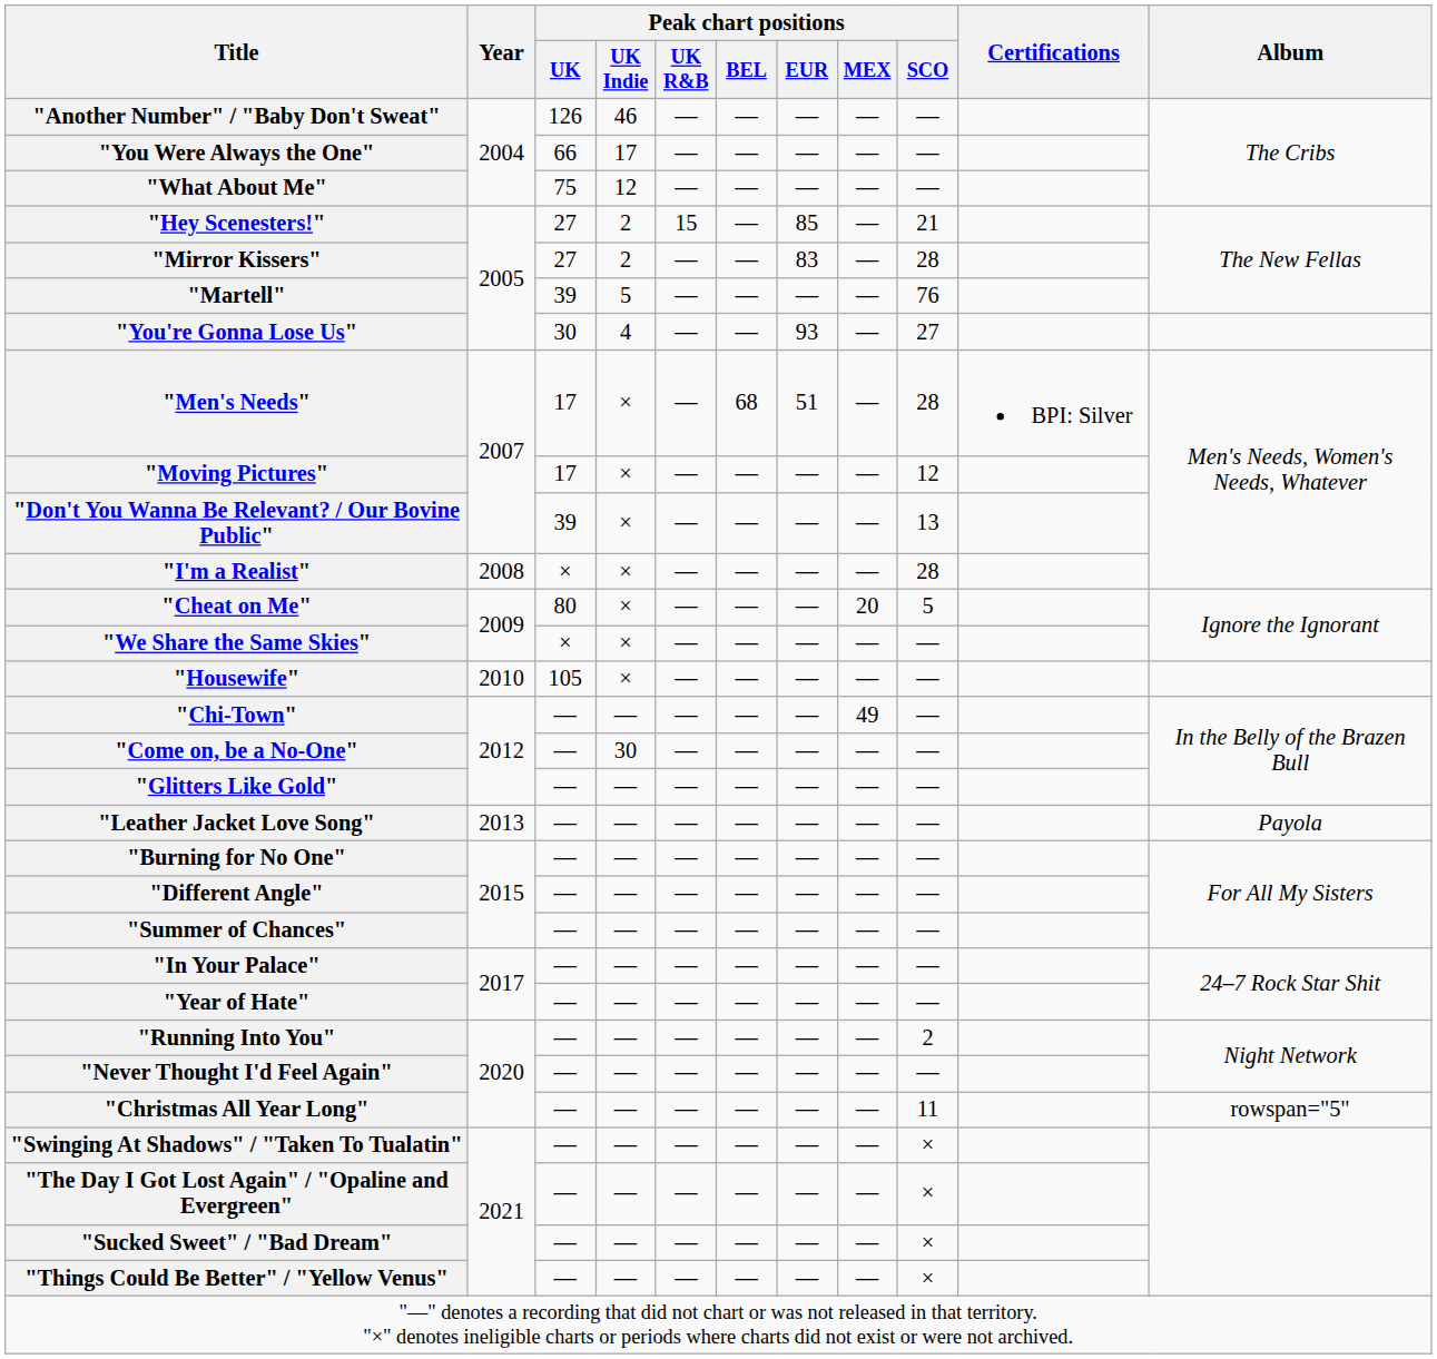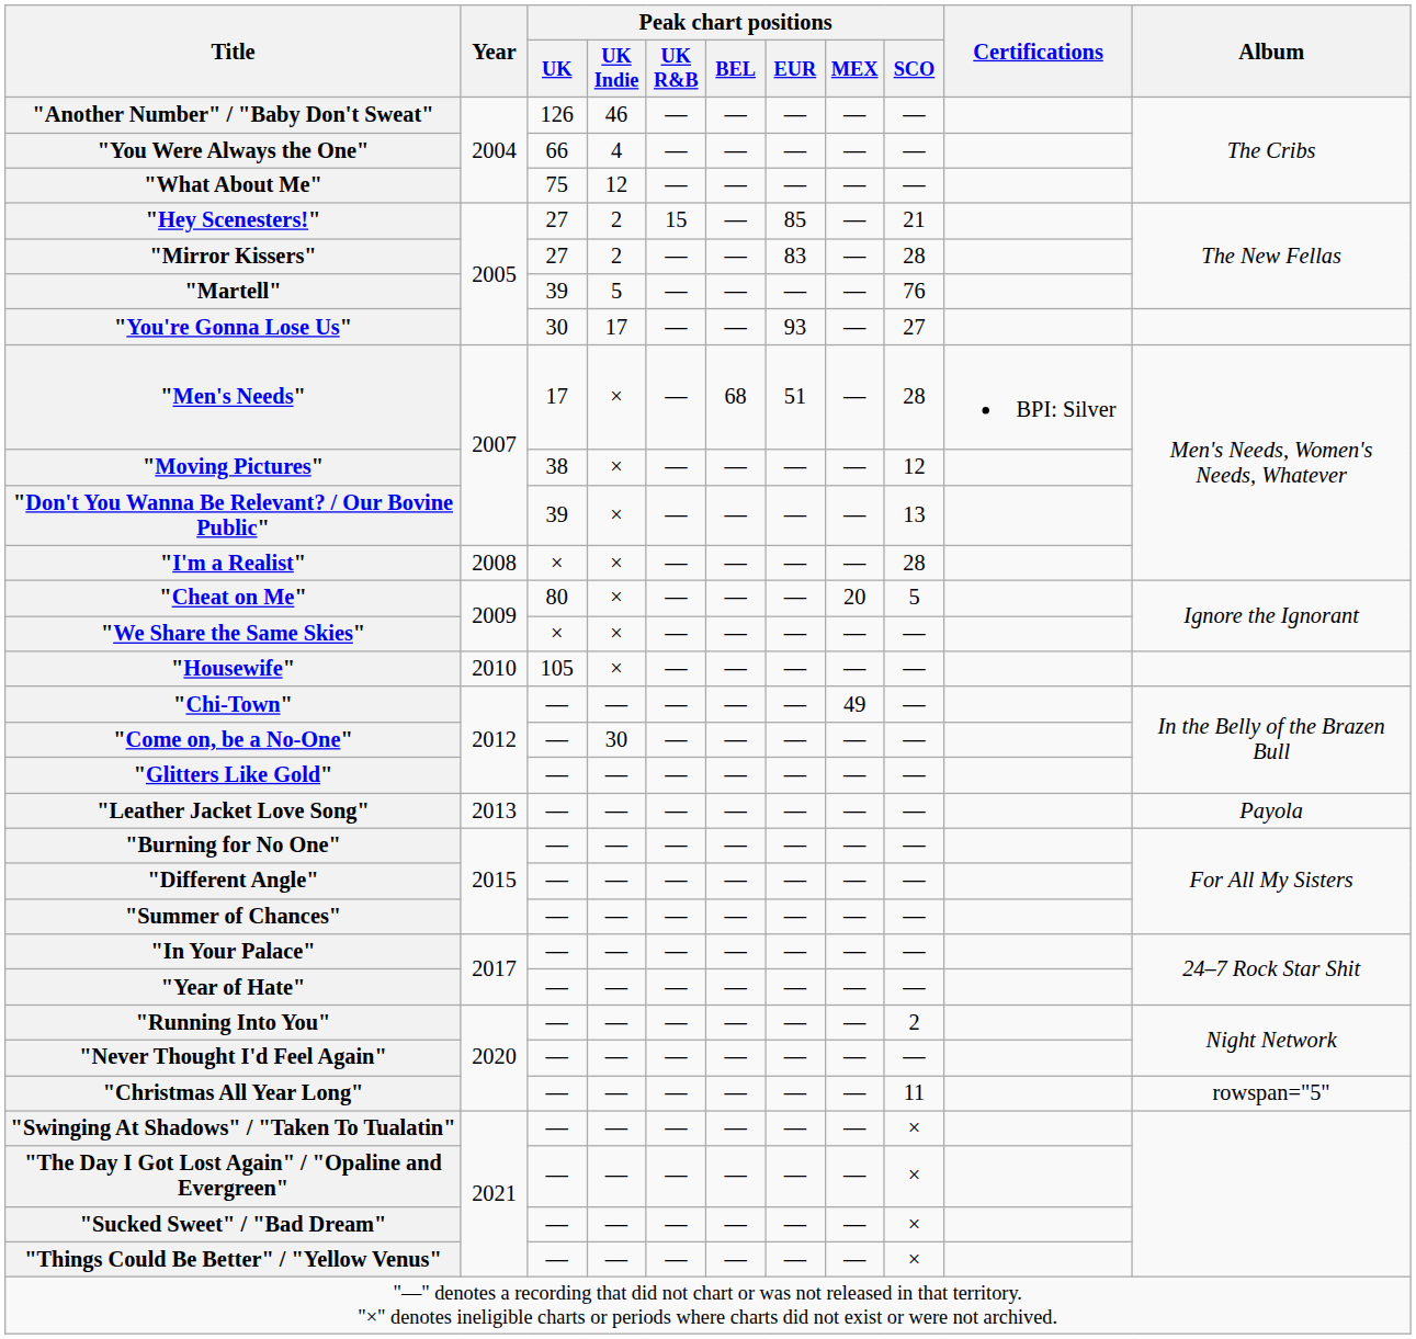 <table class="wikitable plainrowheaders" style="text-align:center;">
 <tr>
 <th scope="col" rowspan="2" style="width:20em;">Title</th>
 <th scope="col" rowspan="2" style="width:2.5em;">Year</th>
 <th scope="col" colspan="7">Peak chart positions</th>
 <th scope="col" rowspan="2" style="width:8em;"><a href='#'>Certifications</a></th>
 <th scope="col" rowspan="2" style="width:12em;">Album</th>
 </tr>
 <tr>
 <th scope="col" style="width:2.5em;font-size:90%;"><a href='#'>UK</a><br></th>
 <th scope="col" style="width:2.5em;font-size:90%;"><a href='#'>UK Indie</a><br></th>
 <th scope="col" style="width:2.5em;font-size:90%;"><a href='#'>UK<br>R&B</a><br></th>
 <th scope="col" style="width:2.5em;font-size:90%;"><a href='#'>BEL</a><br></th>
 <th scope="col" style="width:2.5em;font-size:90%;"><a href='#'>EUR</a><br></th>
 <th scope="col" style="width:2.5em;font-size:90%;"><a href='#'>MEX</a><br></th>
 <th scope="col" style="width:2.5em;font-size:90%;"><a href='#'>SCO</a><br></th>
 </tr>
 <tr>
 <th scope="row">"Another Number" / "Baby Don't Sweat"</th>
 <td rowspan="3">2004</td>
 <td>126</td>
 <td>46</td>
 <td>—</td>
 <td>—</td>
 <td>—</td>
 <td>—</td>
 <td>—</td>
 <td></td>
 <td rowspan="3"><em>The Cribs</em></td>
 </tr>
 <tr>
 <th scope="row">"You Were Always the One"</th>
 <td>66</td>
-<td>17</td>
+<td>4</td>
 <td>—</td>
 <td>—</td>
 <td>—</td>
 <td>—</td>
 <td>—</td>
 <td></td>
 </tr>
 <tr>
 <th scope="row">"What About Me"</th>
 <td>75</td>
 <td>12</td>
 <td>—</td>
 <td>—</td>
 <td>—</td>
 <td>—</td>
 <td>—</td>
 <td></td>
 </tr>
 <tr>
 <th scope="row">"<a href='#'>Hey Scenesters!</a>"</th>
 <td rowspan="4">2005</td>
 <td>27</td>
 <td>2</td>
 <td>15</td>
 <td>—</td>
 <td>85</td>
 <td>—</td>
 <td>21</td>
 <td></td>
 <td style="text-align:center;" rowspan="3"><em>The New Fellas</em></td>
 </tr>
 <tr>
 <th scope="row">"Mirror Kissers"</th>
 <td>27</td>
 <td>2</td>
 <td>—</td>
 <td>—</td>
 <td>83</td>
 <td>—</td>
 <td>28</td>
 <td></td>
 </tr>
 <tr>
 <th scope="row">"Martell"</th>
 <td>39</td>
 <td>5</td>
 <td>—</td>
 <td>—</td>
 <td>—</td>
 <td>—</td>
 <td>76</td>
 <td></td>
 </tr>
 <tr>
 <th scope="row">"<a href='#'>You're Gonna Lose Us</a>"</th>
 <td>30</td>
-<td>4</td>
+<td>17</td>
 <td>—</td>
 <td>—</td>
 <td>93</td>
 <td>—</td>
 <td>27</td>
 <td></td>
 <td></td>
 </tr>
 <tr>
 <th scope="row">"<a href='#'>Men's Needs</a>"</th>
 <td rowspan="3">2007</td>
 <td>17</td>
 <td>×</td>
 <td>—</td>
 <td>68</td>
 <td>51</td>
 <td>—</td>
 <td>28</td>
 <td><br><ul><li>BPI: Silver</li></ul></td>
 <td rowspan="4"><em>Men's Needs, Women's Needs, Whatever</em></td>
 </tr>
 <tr>
 <th scope="row">"<a href='#'>Moving Pictures</a>"</th>
-<td>17</td>
+<td>38</td>
 <td>×</td>
 <td>—</td>
 <td>—</td>
 <td>—</td>
 <td>—</td>
 <td>12</td>
 <td></td>
 </tr>
 <tr>
 <th scope="row">"<a href='#'>Don't You Wanna Be Relevant? / Our Bovine Public</a>"</th>
 <td>39</td>
 <td>×</td>
 <td>—</td>
 <td>—</td>
 <td>—</td>
 <td>—</td>
 <td>13</td>
 <td></td>
 </tr>
 <tr>
 <th scope="row">"<a href='#'>I'm a Realist</a>"</th>
 <td>2008</td>
 <td>×</td>
 <td>×</td>
 <td>—</td>
 <td>—</td>
 <td>—</td>
 <td>—</td>
 <td>28</td>
 <td></td>
 </tr>
 <tr>
 <th scope="row">"<a href='#'>Cheat on Me</a>"</th>
 <td rowspan="2">2009</td>
 <td>80</td>
 <td>×</td>
 <td>—</td>
 <td>—</td>
 <td>—</td>
 <td>20</td>
 <td>5</td>
 <td></td>
 <td style="text-align:center;" rowspan="2"><em>Ignore the Ignorant</em></td>
 </tr>
 <tr>
 <th scope="row">"<a href='#'>We Share the Same Skies</a>"</th>
 <td>×</td>
 <td>×</td>
 <td>—</td>
 <td>—</td>
 <td>—</td>
 <td>—</td>
 <td>—</td>
 <td></td>
 </tr>
 <tr>
 <th scope="row">"<a href='#'>Housewife</a>"</th>
 <td>2010</td>
 <td>105</td>
 <td>×</td>
 <td>—</td>
 <td>—</td>
 <td>—</td>
 <td>—</td>
 <td>—</td>
 <td></td>
 <td></td>
 </tr>
 <tr>
 <th scope="row">"<a href='#'>Chi-Town</a>"</th>
 <td rowspan="3">2012</td>
 <td>—</td>
 <td>—</td>
 <td>—</td>
 <td>—</td>
 <td>—</td>
 <td>49</td>
 <td>—</td>
 <td></td>
 <td rowspan="3"><em>In the Belly of the Brazen Bull</em></td>
 </tr>
 <tr>
 <th scope="row">"<a href='#'>Come on, be a No-One</a>"</th>
 <td>—</td>
 <td>30</td>
 <td>—</td>
 <td>—</td>
 <td>—</td>
 <td>—</td>
 <td>—</td>
 <td></td>
 </tr>
 <tr>
 <th scope="row">"<a href='#'>Glitters Like Gold</a>"</th>
 <td>—</td>
 <td>—</td>
 <td>—</td>
 <td>—</td>
 <td>—</td>
 <td>—</td>
 <td>—</td>
 <td></td>
 </tr>
 <tr>
 <th scope="row">"Leather Jacket Love Song"</th>
 <td>2013</td>
 <td>—</td>
 <td>—</td>
 <td>—</td>
 <td>—</td>
 <td>—</td>
 <td>—</td>
 <td>—</td>
 <td></td>
 <td><em>Payola</em></td>
 </tr>
 <tr>
 <th scope="row">"Burning for No One"</th>
 <td rowspan="3">2015</td>
 <td>—</td>
 <td>—</td>
 <td>—</td>
 <td>—</td>
 <td>—</td>
 <td>—</td>
 <td>—</td>
 <td></td>
 <td rowspan="3"><em>For All My Sisters</em></td>
 </tr>
 <tr>
 <th scope="row">"Different Angle"</th>
 <td>—</td>
 <td>—</td>
 <td>—</td>
 <td>—</td>
 <td>—</td>
 <td>—</td>
 <td>—</td>
 <td></td>
 </tr>
 <tr>
 <th scope="row">"Summer of Chances"</th>
 <td>—</td>
 <td>—</td>
 <td>—</td>
 <td>—</td>
 <td>—</td>
 <td>—</td>
 <td>—</td>
 <td></td>
 </tr>
 <tr>
 <th scope="row">"In Your Palace"</th>
 <td rowspan="2">2017</td>
 <td>—</td>
 <td>—</td>
 <td>—</td>
 <td>—</td>
 <td>—</td>
 <td>—</td>
 <td>—</td>
 <td></td>
 <td rowspan="2"><em>24–7 Rock Star Shit</em></td>
 </tr>
 <tr>
 <th scope="row">"Year of Hate"</th>
 <td>—</td>
 <td>—</td>
 <td>—</td>
 <td>—</td>
 <td>—</td>
 <td>—</td>
 <td>—</td>
 <td></td>
 </tr>
 <tr>
 <th scope="row">"Running Into You"</th>
 <td rowspan="3">2020</td>
 <td>—</td>
 <td>—</td>
 <td>—</td>
 <td>—</td>
 <td>—</td>
 <td>—</td>
 <td>2</td>
 <td></td>
 <td rowspan="2"><em>Night Network</em></td>
 </tr>
 <tr>
 <th scope="row">"Never Thought I'd Feel Again"</th>
 <td>—</td>
 <td>—</td>
 <td>—</td>
 <td>—</td>
 <td>—</td>
 <td>—</td>
 <td>—</td>
 <td></td>
 </tr>
 <tr>
 <th scope="row">"Christmas All Year Long"</th>
 <td>—</td>
 <td>—</td>
 <td>—</td>
 <td>—</td>
 <td>—</td>
 <td>—</td>
 <td>11</td>
 <td></td>
 <td>rowspan="5" </td>
 </tr>
 <tr>
 <th scope="row">"Swinging At Shadows" / "Taken To Tualatin"</th>
 <td rowspan="4">2021</td>
 <td>—</td>
 <td>—</td>
 <td>—</td>
 <td>—</td>
 <td>—</td>
 <td>—</td>
 <td>×</td>
 <td></td>
 </tr>
 <tr>
 <th scope="row">"The Day I Got Lost Again" / "Opaline and Evergreen"</th>
 <td>—</td>
 <td>—</td>
 <td>—</td>
 <td>—</td>
 <td>—</td>
 <td>—</td>
 <td>×</td>
 <td></td>
 </tr>
 <tr>
 <th scope="row">"Sucked Sweet" / "Bad Dream"</th>
 <td>—</td>
 <td>—</td>
 <td>—</td>
 <td>—</td>
 <td>—</td>
 <td>—</td>
 <td>×</td>
 <td></td>
 </tr>
 <tr>
 <th scope="row">"Things Could Be Better" / "Yellow Venus"</th>
 <td>—</td>
 <td>—</td>
 <td>—</td>
 <td>—</td>
 <td>—</td>
 <td>—</td>
 <td>×</td>
 <td></td>
 </tr>
 <tr>
 <td colspan="12" style="font-size:90%">"—" denotes a recording that did not chart or was not released in that territory.<br>"×" denotes ineligible charts or periods where charts did not exist or were not archived.</td>
 </tr>
 </table>
